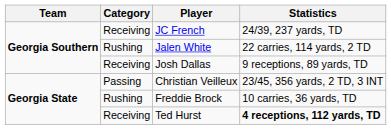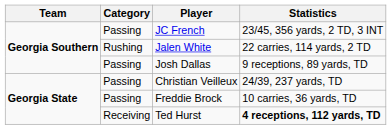 <table class="wikitable" style="float: right;">
 <tr>
 <th>Team</th>
 <th>Category</th>
 <th>Player</th>
 <th>Statistics</th>
 </tr>
 <tr>
 <td rowspan=3><strong>Georgia Southern</strong></td>
-<td>Receiving</td>
+<td>Passing</td>
 <td><a href='#'>JC French</a></td>
-<td>24/39, 237 yards, TD</td>
+<td>23/45, 356 yards, 2 TD, 3 INT</td>
 </tr>
 <tr>
 <td>Rushing</td>
 <td><a href='#'>Jalen White</a></td>
 <td>22 carries, 114 yards, 2 TD</td>
 </tr>
 <tr>
-<td>Receiving</td>
+<td>Passing</td>
 <td>Josh Dallas</td>
 <td>9 receptions, 89 yards, TD</td>
 </tr>
 <tr>
 <td rowspan=3><strong>Georgia State</strong></td>
 <td>Passing</td>
 <td>Christian Veilleux</td>
-<td>23/45, 356 yards, 2 TD, 3 INT</td>
+<td>24/39, 237 yards, TD</td>
 </tr>
 <tr>
-<td>Rushing</td>
+<td>Passing</td>
 <td>Freddie Brock</td>
 <td>10 carries, 36 yards, TD</td>
 </tr>
 <tr>
 <td>Receiving</td>
 <td>Ted Hurst</td>
 <td><strong>4 receptions, 112 yards, TD</strong></td>
 </tr>
 </table>
